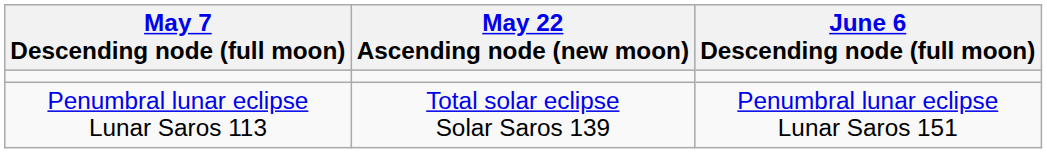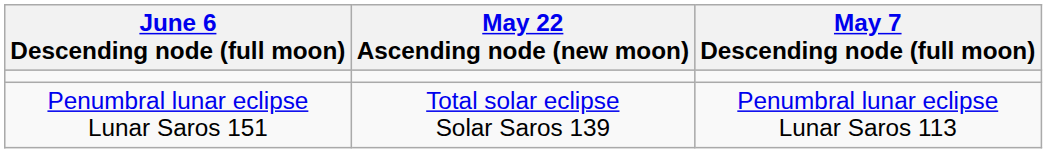 <table class="wikitable">
 <tr>
+<th><a href='#'>June 6</a><br>Descending node (full moon)<br></th>
+<th><a href='#'>May 22</a><br>Ascending node (new moon)<br></th>
 <th><a href='#'>May 7</a><br>Descending node (full moon)<br></th>
-<th><a href='#'>May 22</a><br>Ascending node (new moon)<br></th>
-<th><a href='#'>June 6</a><br>Descending node (full moon)<br></th>
 </tr>
 <tr>
 <td></td>
 <td></td>
 <td></td>
 </tr>
 <tr align=center>
+<td><a href='#'>Penumbral lunar eclipse</a><br>Lunar Saros 151</td>
+<td><a href='#'>Total solar eclipse</a><br>Solar Saros 139</td>
 <td><a href='#'>Penumbral lunar eclipse</a><br>Lunar Saros 113</td>
-<td><a href='#'>Total solar eclipse</a><br>Solar Saros 139</td>
-<td><a href='#'>Penumbral lunar eclipse</a><br>Lunar Saros 151</td>
 </tr>
 </table>
